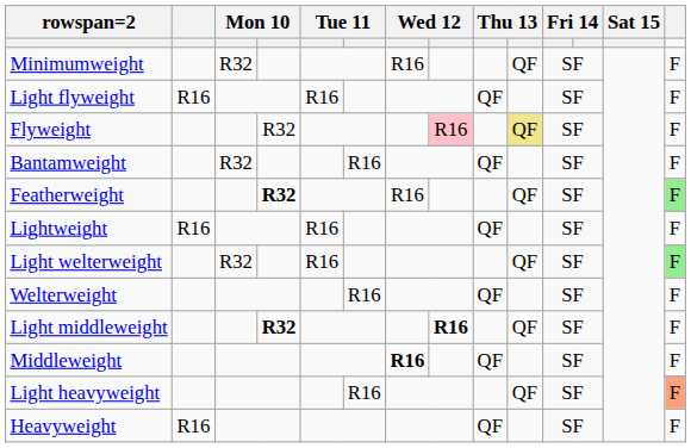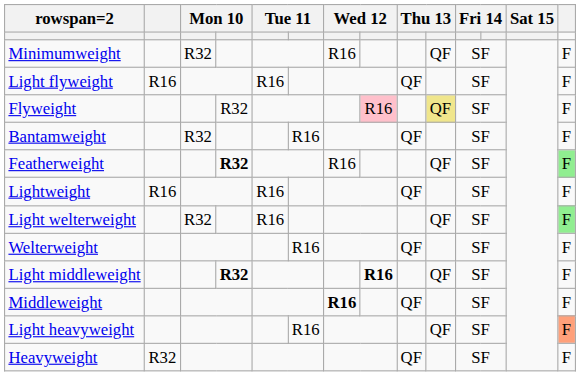 <table class="wikitable" style="text-align:center; font-size:95%">
 <tr>
 <th>rowspan=2 </th>
 <th></th>
 <th colspan=2>Mon 10</th>
 <th colspan=2>Tue 11</th>
 <th colspan=2>Wed 12</th>
 <th colspan=2>Thu 13</th>
 <th colspan=2>Fri 14</th>
 <th>Sat 15</th>
 <th></th>
 </tr>
 <tr>
 <th></th>
 <th></th>
 <th></th>
 <th></th>
 <th></th>
 <th></th>
 <th></th>
 <th></th>
 <th></th>
 <th></th>
 <th></th>
 <th></th>
 <th></th>
 </tr>
 <tr>
 <td align=left><a href='#'>Minimumweight</a></td>
 <td></td>
 <td>R32</td>
 <td></td>
 <td colspan=2></td>
 <td>R16</td>
 <td></td>
 <td></td>
 <td>QF</td>
 <td colspan=2>SF</td>
 <td rowspan=12></td>
 <td>F</td>
 </tr>
 <tr>
 <td align=left><a href='#'>Light flyweight</a></td>
 <td>R16</td>
 <td colspan=2></td>
 <td>R16</td>
 <td></td>
 <td colspan=2></td>
 <td>QF</td>
 <td></td>
 <td colspan=2>SF</td>
 <td>F</td>
 </tr>
 <tr>
 <td align=left><a href='#'>Flyweight</a></td>
 <td></td>
 <td></td>
 <td>R32</td>
 <td colspan=2></td>
 <td></td>
 <td style="background: pink;">R16</td>
 <td></td>
 <td style="background: khaki;">QF</td>
 <td colspan=2>SF</td>
 <td>F</td>
 </tr>
 <tr>
 <td align=left><a href='#'>Bantamweight</a></td>
 <td></td>
 <td>R32</td>
 <td></td>
 <td></td>
 <td>R16</td>
 <td colspan=2></td>
 <td>QF</td>
 <td></td>
 <td colspan=2>SF</td>
 <td>F</td>
 </tr>
 <tr>
 <td align=left><a href='#'>Featherweight</a></td>
 <td></td>
 <td></td>
 <td><strong>R32</strong></td>
 <td colspan=2></td>
 <td>R16</td>
 <td></td>
 <td></td>
 <td>QF</td>
 <td colspan=2>SF</td>
 <td style="background: lightgreen;">F</td>
 </tr>
 <tr>
 <td align=left><a href='#'>Lightweight</a></td>
 <td>R16</td>
 <td colspan=2></td>
 <td>R16</td>
 <td></td>
 <td colspan=2></td>
 <td>QF</td>
 <td></td>
 <td colspan=2>SF</td>
 <td>F</td>
 </tr>
 <tr>
 <td align=left><a href='#'>Light welterweight</a></td>
 <td></td>
 <td>R32</td>
 <td></td>
 <td>R16</td>
 <td></td>
 <td colspan=2></td>
 <td></td>
 <td>QF</td>
 <td colspan=2>SF</td>
 <td style="background: lightgreen;">F</td>
 </tr>
 <tr>
 <td align=left><a href='#'>Welterweight</a></td>
 <td></td>
 <td colspan=2></td>
 <td></td>
 <td>R16</td>
 <td colspan=2></td>
 <td>QF</td>
 <td></td>
 <td colspan=2>SF</td>
 <td>F</td>
 </tr>
 <tr>
 <td align=left><a href='#'>Light middleweight</a></td>
 <td></td>
 <td></td>
 <td><strong>R32</strong></td>
 <td colspan=2></td>
 <td></td>
 <td><strong>R16</strong></td>
 <td></td>
 <td>QF</td>
 <td colspan=2>SF</td>
 <td>F</td>
 </tr>
 <tr>
 <td align=left><a href='#'>Middleweight</a></td>
 <td></td>
 <td colspan=2></td>
 <td colspan=2></td>
 <td><strong>R16</strong></td>
 <td></td>
 <td>QF</td>
 <td></td>
 <td colspan=2>SF</td>
 <td>F</td>
 </tr>
 <tr>
 <td align=left><a href='#'>Light heavyweight</a></td>
 <td></td>
 <td colspan=2></td>
 <td></td>
 <td>R16</td>
 <td colspan=2></td>
 <td></td>
 <td>QF</td>
 <td colspan=2>SF</td>
 <td style="background: lightsalmon;">F</td>
 </tr>
 <tr>
 <td align=left><a href='#'>Heavyweight</a></td>
-<td>R16</td>
+<td>R32</td>
 <td colspan=2></td>
 <td colspan=2></td>
 <td colspan=2></td>
 <td>QF</td>
 <td></td>
 <td colspan=2>SF</td>
 <td>F</td>
 </tr>
 </table>
